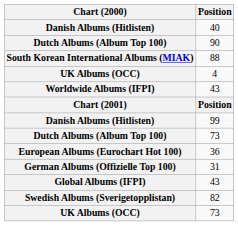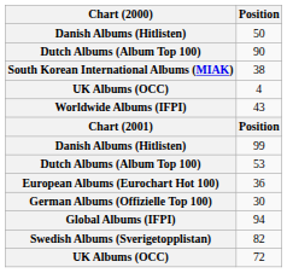 <table class="wikitable plainrowheaders">
 <tr>
 <th>Chart (2000)</th>
 <th>Position</th>
 </tr>
 <tr>
 <th scope="row">Danish Albums (Hitlisten)</th>
-<td style="text-align:center;">40</td>
+<td style="text-align:center;">50</td>
 </tr>
 <tr>
 <th scope="row">Dutch Albums (Album Top 100)</th>
 <td style="text-align:center;">90</td>
 </tr>
 <tr>
 <th scope="row">South Korean International Albums (<a href='#'>MIAK</a>)</th>
-<td style="text-align:center;">88</td>
+<td style="text-align:center;">38</td>
 </tr>
 <tr>
 <th scope="row">UK Albums (OCC)</th>
 <td style="text-align:center;">4</td>
 </tr>
 <tr>
 <th scope="row">Worldwide Albums (IFPI)</th>
 <td style="text-align:center;">43</td>
 </tr>
 <tr>
 <th>Chart (2001)</th>
 <th>Position</th>
 </tr>
 <tr>
 <th scope="row">Danish Albums (Hitlisten)</th>
 <td style="text-align:center;">99</td>
 </tr>
 <tr>
 <th scope="row">Dutch Albums (Album Top 100)</th>
-<td style="text-align:center;">73</td>
+<td style="text-align:center;">53</td>
 </tr>
 <tr>
 <th scope="row">European Albums (Eurochart Hot 100)</th>
 <td style="text-align:center;">36</td>
 </tr>
 <tr>
 <th scope="row">German Albums (Offizielle Top 100)</th>
-<td style="text-align:center;">31</td>
+<td style="text-align:center;">30</td>
 </tr>
 <tr>
 <th scope="row">Global Albums (IFPI)</th>
-<td style="text-align:center;">43</td>
+<td style="text-align:center;">94</td>
 </tr>
 <tr>
 <th scope="row">Swedish Albums (Sverigetopplistan)</th>
 <td style="text-align:center;">82</td>
 </tr>
 <tr>
 <th scope="row">UK Albums (OCC)</th>
-<td style="text-align:center;">73</td>
+<td style="text-align:center;">72</td>
 </tr>
 </table>
